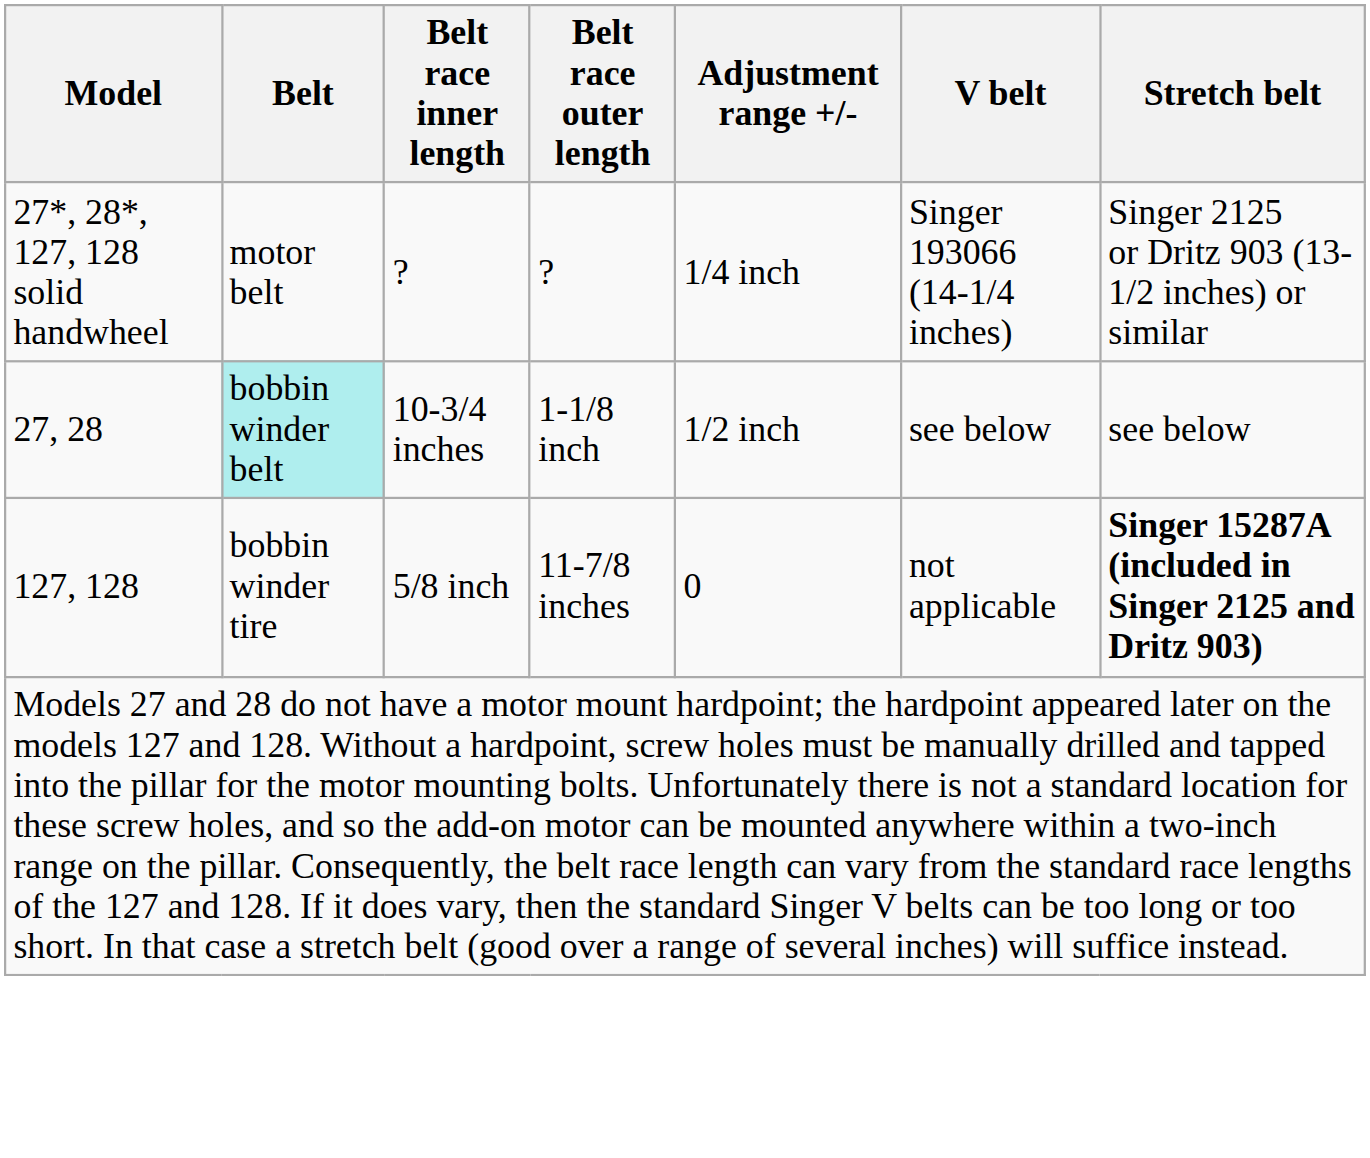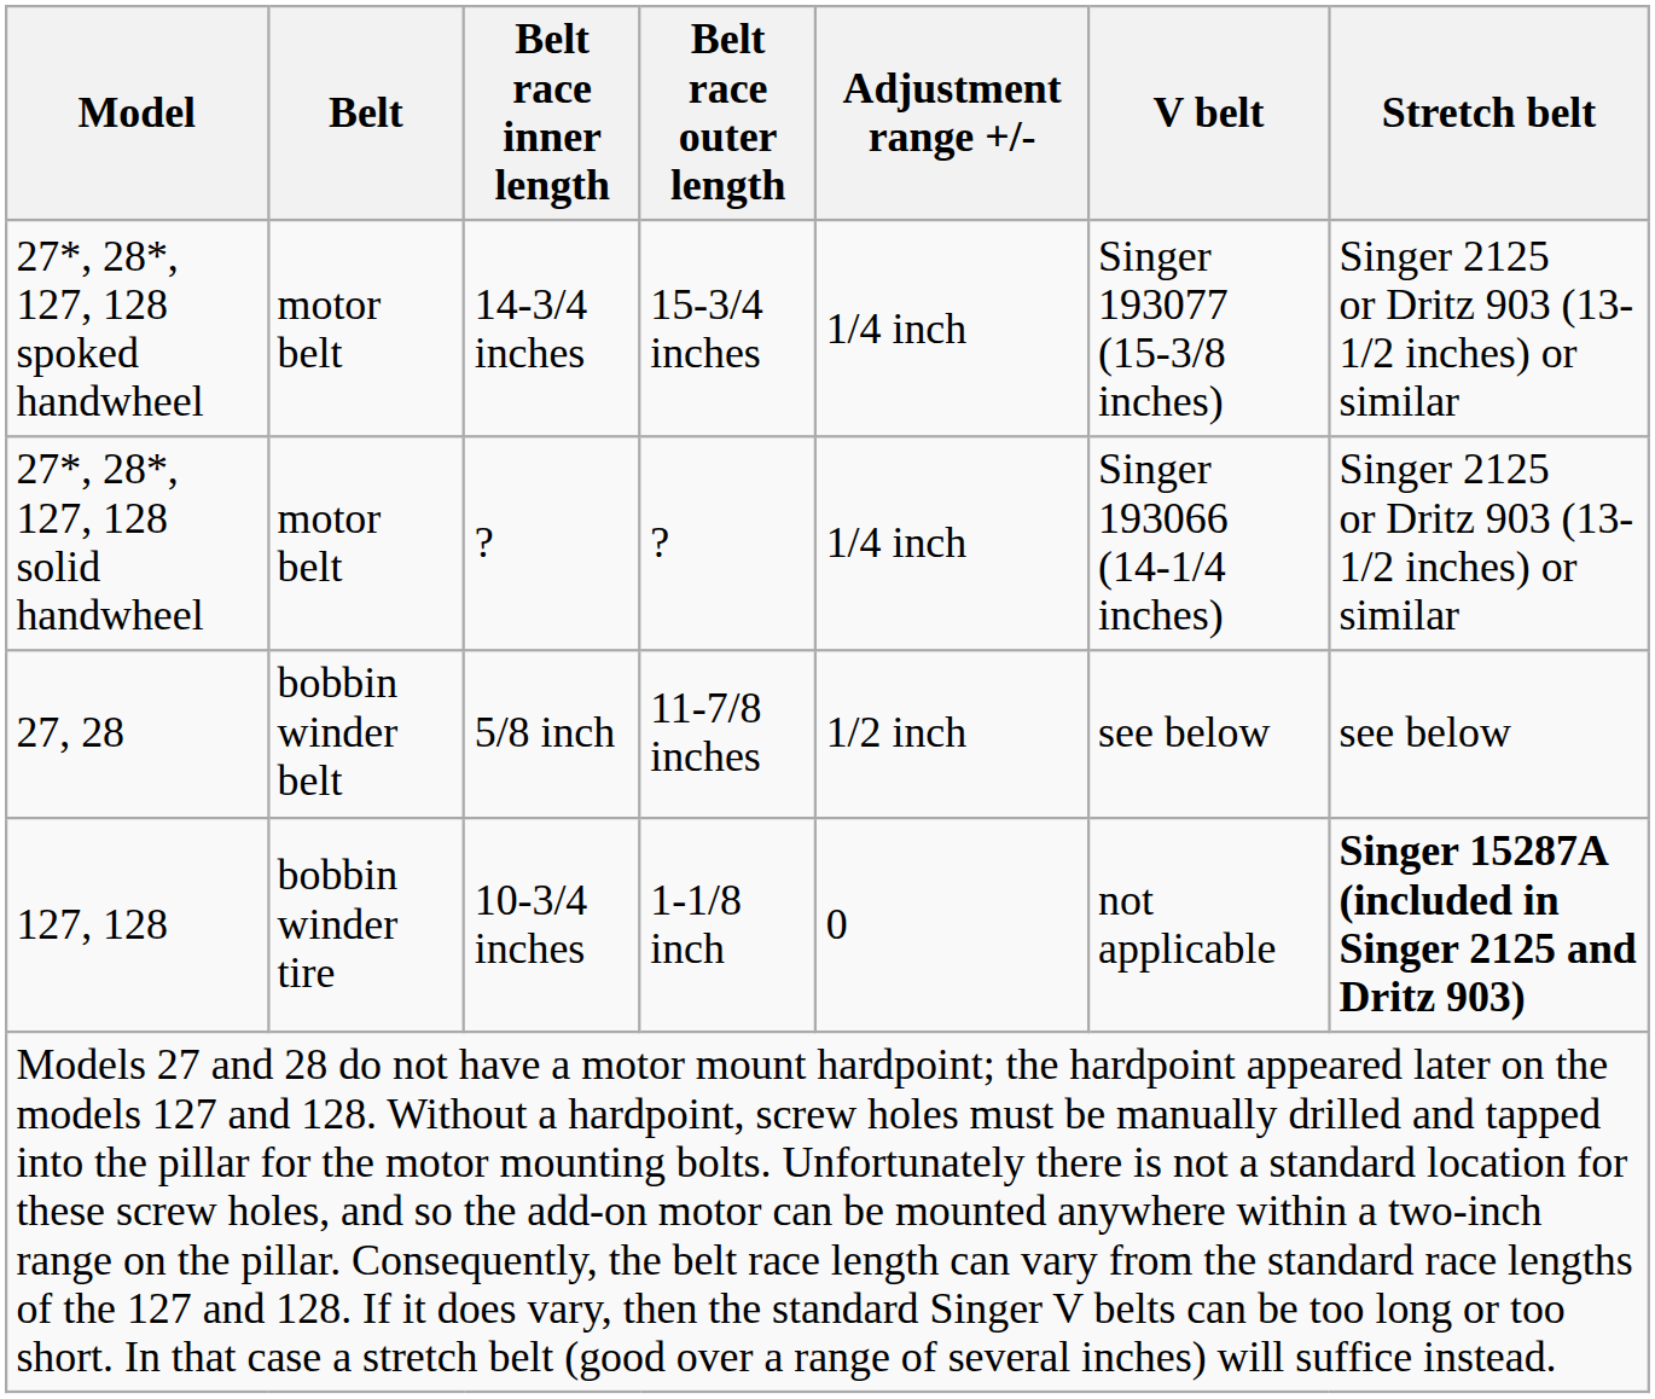 <table border="1" class="wikitable" align="center">
 <tr>
 <th>Model</th>
 <th>Belt</th>
 <th>Belt race<br>inner length</th>
 <th>Belt race<br>outer length</th>
 <th>Adjustment<br>range +/-</th>
 <th>V belt</th>
 <th>Stretch belt</th>
+</tr>
+<tr>
+<td>27*, 28*, 127, 128<br>spoked handwheel</td>
+<td>motor belt</td>
+<td>14-3/4 inches</td>
+<td>15-3/4 inches</td>
+<td>1/4 inch</td>
+<td>Singer 193077<br>(15-3/8 inches)</td>
+<td>Singer 2125<br>or Dritz 903 (13-1/2 inches) or similar</td>
 </tr>
 <tr>
 <td>27*, 28*, 127, 128<br>solid handwheel</td>
 <td>motor belt</td>
 <td>?</td>
 <td>?</td>
 <td>1/4 inch</td>
 <td>Singer 193066<br>(14-1/4 inches)</td>
 <td>Singer 2125<br>or Dritz 903 (13-1/2 inches) or similar</td>
 </tr>
 <tr>
 <td>27, 28</td>
-<td style="background: paleturquoise;">bobbin winder belt</td>
-<td>10-3/4 inches</td>
-<td>1-1/8 inch</td>
+<td>bobbin winder belt</td>
+<td>5/8 inch</td>
+<td>11-7/8 inches</td>
 <td>1/2 inch</td>
 <td>see below</td>
 <td>see below</td>
 </tr>
 <tr>
 <td>127, 128</td>
 <td>bobbin winder tire</td>
-<td>5/8 inch</td>
-<td>11-7/8 inches</td>
+<td>10-3/4 inches</td>
+<td>1-1/8 inch</td>
 <td>0</td>
 <td>not applicable</td>
 <td><strong>Singer 15287A<br>(included in Singer 2125 and Dritz 903)</strong></td>
 </tr>
 <tr>
 <td colspan="7"> Models 27 and 28 do not have a motor mount hardpoint; the hardpoint appeared later on the models 127 and 128.  Without a hardpoint, screw holes must be manually drilled and tapped into the pillar for the motor mounting bolts.  Unfortunately there is not a standard location for these screw holes, and so the add-on motor can be mounted anywhere within a two-inch range on the pillar.  Consequently, the belt race length can vary from the standard race lengths of the 127 and 128.  If it does vary, then the standard Singer V belts can be too long or too short.  In that case a stretch belt (good over a range of several inches) will suffice instead.</td>
 </tr>
 </table>
